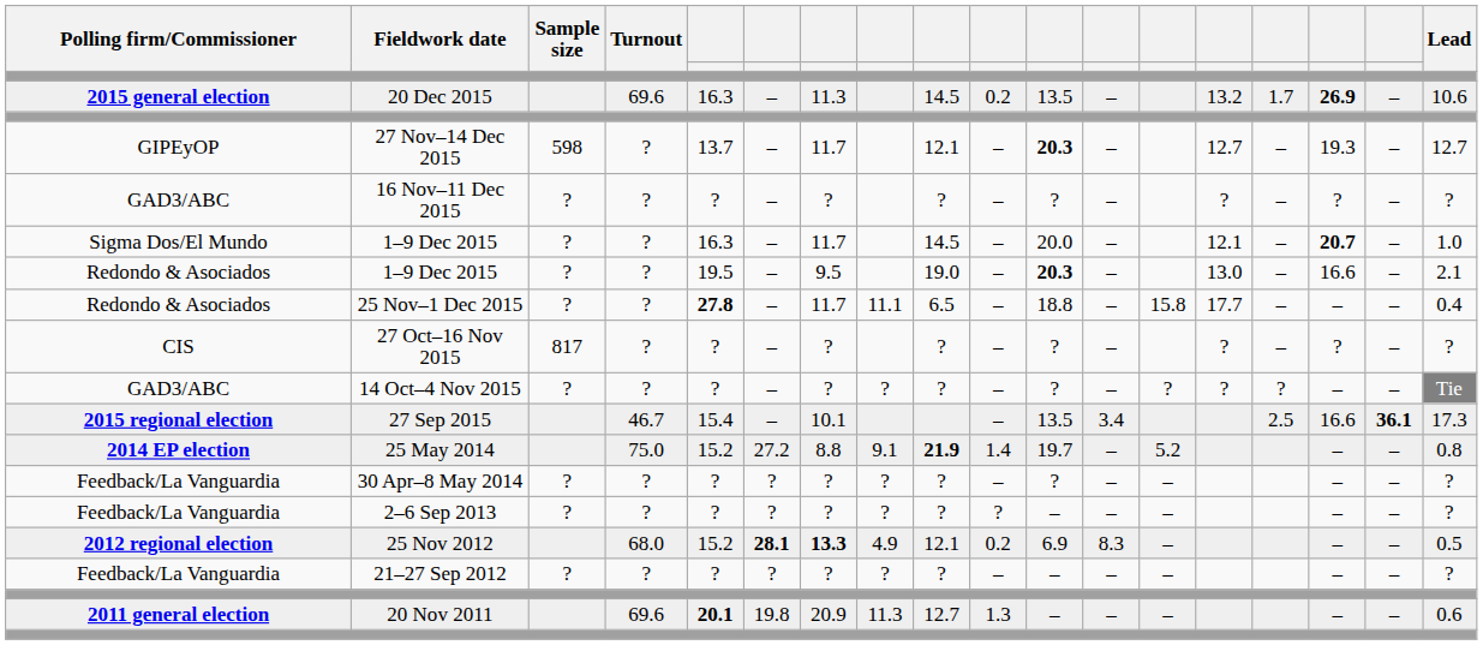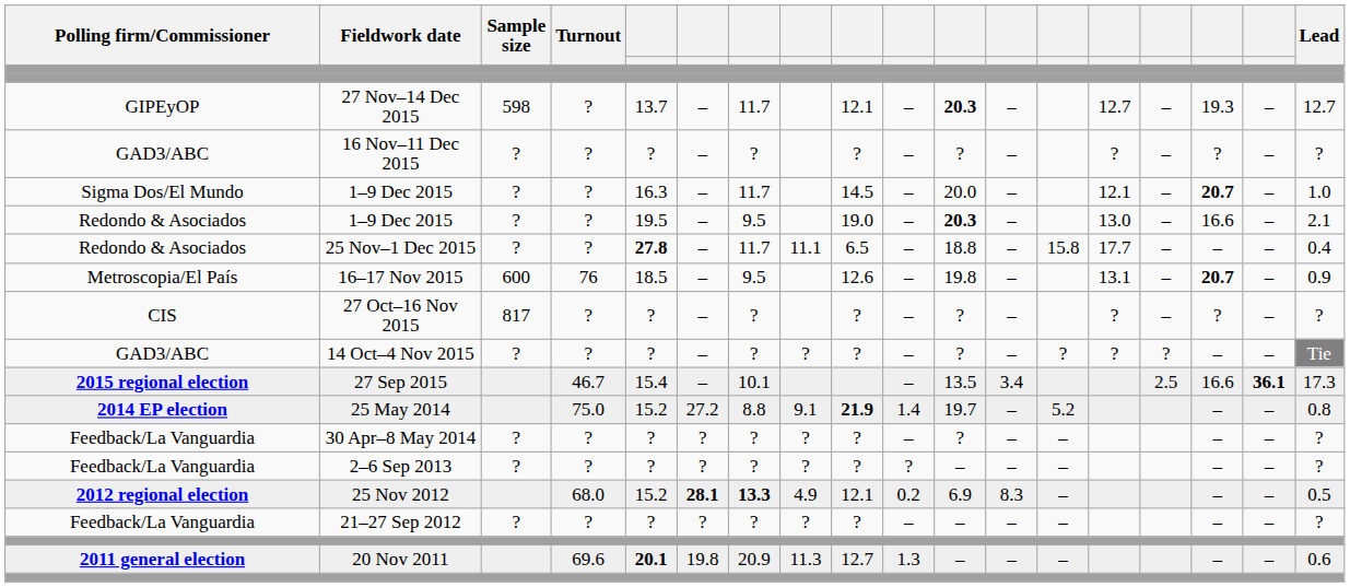 <table class="wikitable collapsible collapsed" style="text-align:center; font-size:95%; line-height:16px;">
 <tr style="height:42px; background-color:#E9E9E9">
 <th style="width:250px;" rowspan="2">Polling firm/Commissioner</th>
 <th style="width:125px;" rowspan="2">Fieldwork date</th>
 <th style="width:50px;" rowspan="2">Sample size</th>
 <th style="width:45px;" rowspan="2">Turnout</th>
 <th style="width:35px;"></th>
 <th style="width:35px;"></th>
 <th style="width:35px;"></th>
 <th style="width:35px;"></th>
 <th style="width:35px;"></th>
 <th style="width:35px;"></th>
 <th style="width:35px;"></th>
 <th style="width:35px;"></th>
 <th style="width:35px;"></th>
 <th style="width:35px;"><br></th>
 <th style="width:35px;"></th>
 <th style="width:35px;"></th>
 <th style="width:35px;"></th>
 <th style="width:30px;" rowspan="2">Lead</th>
 </tr>
 <tr>
 <th style="color:inherit;background:"></th>
 <th style="color:inherit;background:"></th>
 <th style="color:inherit;background:"></th>
 <th style="color:inherit;background:"></th>
 <th style="color:inherit;background:"></th>
 <th style="color:inherit;background:"></th>
 <th style="color:inherit;background:"></th>
 <th style="color:inherit;background:"></th>
 <th style="color:inherit;background:"></th>
 <th style="color:inherit;background:"></th>
 <th style="color:inherit;background:"></th>
 <th style="color:inherit;background:"></th>
 <th style="color:inherit;background:"></th>
 </tr>
 <tr>
 <td colspan="18" style="background:#A0A0A0"></td>
-</tr>
-<tr style="background:#EFEFEF;">
-<td><strong><a href='#'>2015 general election</a></strong></td>
-<td>20 Dec 2015</td>
-<td></td>
-<td>69.6</td>
-<td>16.3<br></td>
-<td>–</td>
-<td>11.3<br></td>
-<td></td>
-<td>14.5<br></td>
-<td>0.2<br></td>
-<td>13.5<br></td>
-<td>–</td>
-<td></td>
-<td>13.2<br></td>
-<td>1.7<br></td>
-<td><strong>26.9</strong><br></td>
-<td>–</td>
-<td style="background:">10.6</td>
 </tr>
 <tr>
 <td colspan="18" style="background:#A0A0A0"></td>
 </tr>
 <tr>
 <td>GIPEyOP</td>
 <td>27 Nov–14 Dec 2015</td>
 <td>598</td>
 <td>?</td>
 <td>13.7<br></td>
 <td>–</td>
 <td>11.7<br></td>
 <td></td>
 <td>12.1<br></td>
 <td>–</td>
 <td><strong>20.3</strong><br></td>
 <td>–</td>
 <td></td>
 <td>12.7<br></td>
 <td>–</td>
 <td>19.3<br></td>
 <td>–</td>
 <td style="background:">12.7</td>
 </tr>
 <tr>
 <td>GAD3/ABC</td>
 <td>16 Nov–11 Dec 2015</td>
 <td>?</td>
 <td>?</td>
 <td>?<br></td>
 <td>–</td>
 <td>?<br></td>
 <td></td>
 <td>?<br></td>
 <td>–</td>
 <td>?<br></td>
 <td>–</td>
 <td></td>
 <td>?<br></td>
 <td>–</td>
 <td>?<br></td>
 <td>–</td>
 <td style="background:">?</td>
 </tr>
 <tr>
 <td>Sigma Dos/El Mundo</td>
 <td>1–9 Dec 2015</td>
 <td>?</td>
 <td>?</td>
 <td>16.3<br></td>
 <td>–</td>
 <td>11.7<br></td>
 <td></td>
 <td>14.5<br></td>
 <td>–</td>
 <td>20.0<br></td>
 <td>–</td>
 <td></td>
 <td>12.1<br></td>
 <td>–</td>
 <td><strong>20.7</strong><br></td>
 <td>–</td>
 <td style="background:">1.0</td>
 </tr>
 <tr>
 <td>Redondo & Asociados</td>
 <td>1–9 Dec 2015</td>
 <td>?</td>
 <td>?</td>
 <td>19.5<br></td>
 <td>–</td>
 <td>9.5<br></td>
 <td></td>
 <td>19.0<br></td>
 <td>–</td>
 <td><strong>20.3</strong><br></td>
 <td>–</td>
 <td></td>
 <td>13.0<br></td>
 <td>–</td>
 <td>16.6<br></td>
 <td>–</td>
 <td style="background:">2.1</td>
 </tr>
 <tr>
 <td>Redondo & Asociados</td>
 <td>25 Nov–1 Dec 2015</td>
 <td>?</td>
 <td>?</td>
 <td><strong>27.8</strong><br></td>
 <td>–</td>
 <td>11.7<br></td>
 <td>11.1<br></td>
 <td>6.5<br></td>
 <td>–</td>
 <td>18.8<br></td>
 <td>–</td>
 <td>15.8<br></td>
 <td>17.7<br></td>
 <td>–</td>
 <td>–</td>
 <td>–</td>
 <td style="background:">0.4</td>
+</tr>
+<tr>
+<td>Metroscopia/El País</td>
+<td>16–17 Nov 2015</td>
+<td>600</td>
+<td>76</td>
+<td>18.5<br></td>
+<td>–</td>
+<td>9.5<br></td>
+<td></td>
+<td>12.6<br></td>
+<td>–</td>
+<td>19.8<br></td>
+<td>–</td>
+<td></td>
+<td>13.1<br></td>
+<td>–</td>
+<td><strong>20.7</strong><br></td>
+<td>–</td>
+<td style="background:">0.9</td>
 </tr>
 <tr>
 <td>CIS</td>
 <td>27 Oct–16 Nov 2015</td>
 <td>817</td>
 <td>?</td>
 <td>?<br></td>
 <td>–</td>
 <td>?<br></td>
 <td></td>
 <td>?<br></td>
 <td>–</td>
 <td>?<br></td>
 <td>–</td>
 <td></td>
 <td>?<br></td>
 <td>–</td>
 <td>?<br></td>
 <td>–</td>
 <td style="background:">?</td>
 </tr>
 <tr>
 <td>GAD3/ABC</td>
 <td>14 Oct–4 Nov 2015</td>
 <td>?</td>
 <td>?</td>
 <td>?<br></td>
 <td>–</td>
 <td>?<br></td>
 <td>?<br></td>
 <td>?<br></td>
 <td>–</td>
 <td>?<br></td>
 <td>–</td>
 <td>?<br></td>
 <td>?<br></td>
 <td>?<br></td>
 <td>–</td>
 <td>–</td>
 <td style="background:gray;color:white;">Tie</td>
 </tr>
 <tr style="background:#EFEFEF;">
 <td><strong><a href='#'>2015 regional election</a></strong></td>
 <td>27 Sep 2015</td>
 <td></td>
 <td>46.7</td>
 <td>15.4<br></td>
 <td>–</td>
 <td>10.1<br></td>
 <td></td>
 <td></td>
 <td>–</td>
 <td>13.5<br></td>
 <td>3.4<br></td>
 <td></td>
 <td></td>
 <td>2.5<br></td>
 <td>16.6<br></td>
 <td><strong>36.1</strong><br></td>
 <td style="background:">17.3</td>
 </tr>
 <tr style="background:#EFEFEF;">
 <td><strong><a href='#'>2014 EP election</a></strong></td>
 <td>25 May 2014</td>
 <td></td>
 <td>75.0</td>
 <td>15.2<br></td>
 <td>27.2<br></td>
 <td>8.8<br></td>
 <td>9.1<br></td>
 <td><strong>21.9</strong><br></td>
 <td>1.4<br></td>
 <td>19.7<br></td>
 <td>–</td>
 <td>5.2<br></td>
 <td></td>
 <td></td>
 <td>–</td>
 <td>–</td>
 <td style="background:">0.8</td>
 </tr>
 <tr>
 <td>Feedback/La Vanguardia</td>
 <td>30 Apr–8 May 2014</td>
 <td>?</td>
 <td>?</td>
 <td>?<br></td>
 <td>?<br></td>
 <td>?<br></td>
 <td>?<br></td>
 <td>?<br></td>
 <td>–</td>
 <td>?<br></td>
 <td>–</td>
 <td>–</td>
 <td></td>
 <td></td>
 <td>–</td>
 <td>–</td>
 <td style="background:">?</td>
 </tr>
 <tr>
 <td>Feedback/La Vanguardia</td>
 <td>2–6 Sep 2013</td>
 <td>?</td>
 <td>?</td>
 <td>?<br></td>
 <td>?<br></td>
 <td>?<br></td>
 <td>?<br></td>
 <td>?<br></td>
 <td>?<br></td>
 <td>–</td>
 <td>–</td>
 <td>–</td>
 <td></td>
 <td></td>
 <td>–</td>
 <td>–</td>
 <td style="background:">?</td>
 </tr>
 <tr style="background:#EFEFEF;">
 <td><strong><a href='#'>2012 regional election</a></strong></td>
 <td>25 Nov 2012</td>
 <td></td>
 <td>68.0</td>
 <td>15.2<br></td>
 <td><strong>28.1</strong><br></td>
 <td><strong>13.3<br></strong></td>
 <td>4.9<br></td>
 <td>12.1<br></td>
 <td>0.2<br></td>
 <td>6.9<br></td>
 <td>8.3<br></td>
 <td>–</td>
 <td></td>
 <td></td>
 <td>–</td>
 <td>–</td>
 <td style="background:">0.5</td>
 </tr>
 <tr>
 <td>Feedback/La Vanguardia</td>
 <td>21–27 Sep 2012</td>
 <td>?</td>
 <td>?</td>
 <td>?<br></td>
 <td>?<br></td>
 <td>?<br></td>
 <td>?<br></td>
 <td>?<br></td>
 <td>–</td>
 <td>–</td>
 <td>–</td>
 <td>–</td>
 <td></td>
 <td></td>
 <td>–</td>
 <td>–</td>
 <td style="background:">?</td>
 </tr>
 <tr>
 <td colspan="18" style="background:#A0A0A0"></td>
 </tr>
 <tr style="background:#EFEFEF;">
 <td><strong><a href='#'>2011 general election</a></strong></td>
 <td>20 Nov 2011</td>
 <td></td>
 <td>69.6</td>
 <td><strong>20.1</strong><br></td>
 <td>19.8<br></td>
 <td>20.9<br></td>
 <td>11.3<br></td>
 <td>12.7<br></td>
 <td>1.3<br></td>
 <td>–</td>
 <td>–</td>
 <td>–</td>
 <td></td>
 <td></td>
 <td>–</td>
 <td>–</td>
 <td style="background:">0.6</td>
 </tr>
 <tr>
 <td colspan="18" style="background:#A0A0A0"></td>
 </tr>
 </table>
